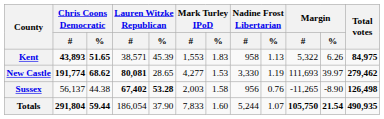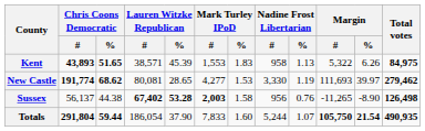 <table class="wikitable sortable" style="text-align:right;font-size:90%;line-height:1.3">
 <tr>
 <th rowspan="2">County</th>
 <th colspan="2"><a href='#'>Chris Coons</a><br><a href='#'>Democratic</a></th>
 <th colspan="2"><a href='#'>Lauren Witzke</a><br><a href='#'>Republican</a></th>
 <th colspan="2">Mark Turley<br><a href='#'>IPoD</a></th>
 <th colspan="2">Nadine Frost<br><a href='#'>Libertarian</a></th>
 <th colspan="2">Margin</th>
 <th rowspan="2">Total<br>votes</th>
 </tr>
 <tr>
 <th data-sort-type="number">#</th>
 <th data-sort-type="number">%</th>
 <th data-sort-type="number">#</th>
 <th data-sort-type="number">%</th>
 <th data-sort-type="number">#</th>
 <th data-sort-type="number">%</th>
 <th data-sort-type="number">#</th>
 <th data-sort-type="number">%</th>
 <th data-sort-type="number">#</th>
 <th data-sort-type="number">%</th>
 </tr>
 <tr>
 <th><a href='#'>Kent</a></th>
 <td><strong>43,893</strong></td>
 <td><strong>51.65</strong></td>
 <td>38,571</td>
 <td>45.39</td>
 <td>1,553</td>
 <td>1.83</td>
 <td>958</td>
 <td>1.13</td>
 <td>5,322</td>
 <td>6.26</td>
 <td><strong>84,975</strong></td>
 </tr>
 <tr>
 <th><a href='#'>New Castle</a></th>
 <td><strong>191,774</strong></td>
 <td><strong>68.62</strong></td>
-<td><strong>80,081</strong></td>
+<td>80,081</td>
 <td>28.65</td>
 <td>4,277</td>
 <td>1.53</td>
 <td>3,330</td>
 <td>1.19</td>
 <td>111,693</td>
 <td>39.97</td>
 <td><strong>279,462</strong></td>
 </tr>
 <tr>
 <th><a href='#'>Sussex</a></th>
 <td>56,137</td>
 <td>44.38</td>
 <td><strong>67,402</strong></td>
 <td><strong>53.28</strong></td>
-<td>2,003</td>
+<td><strong>2,003</strong></td>
 <td>1.58</td>
 <td>956</td>
 <td>0.76</td>
 <td>-11,265</td>
 <td>-8.90</td>
 <td><strong>126,498</strong></td>
 </tr>
 <tr class="sortbottom">
 <th>Totals</th>
 <td><strong>291,804</strong></td>
 <td><strong>59.44</strong></td>
 <td>186,054</td>
 <td>37.90</td>
 <td>7,833</td>
 <td>1.60</td>
 <td>5,244</td>
 <td>1.07</td>
 <td><strong>105,750</strong></td>
 <td><strong>21.54</strong></td>
 <td><strong>490,935</strong></td>
 </tr>
 </table>
